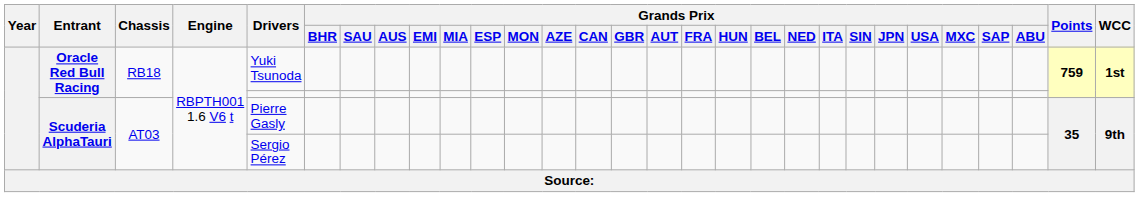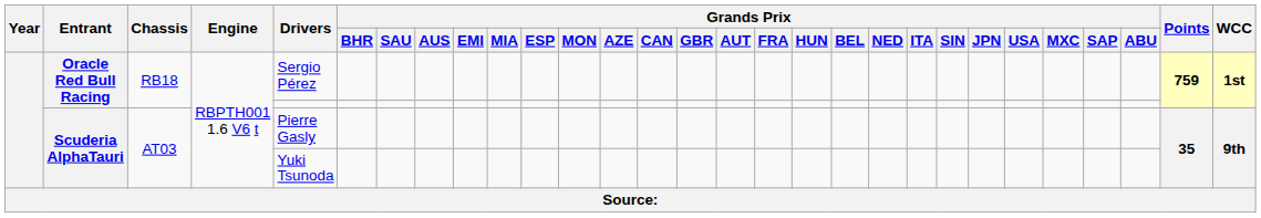 <table class="wikitable" style="text-align:center; font-size:85%">
 <tr>
 <th rowspan="2">Year</th>
 <th rowspan="2">Entrant</th>
 <th rowspan="2">Chassis</th>
 <th rowspan="2">Engine</th>
 <th rowspan="2">Drivers</th>
 <th colspan="22">Grands Prix</th>
 <th rowspan="2"><a href='#'>Points</a></th>
 <th rowspan="2">WCC</th>
 </tr>
 <tr>
 <th><a href='#'>BHR</a></th>
 <th><a href='#'>SAU</a></th>
 <th><a href='#'>AUS</a></th>
 <th><a href='#'>EMI</a></th>
 <th><a href='#'>MIA</a></th>
 <th><a href='#'>ESP</a></th>
 <th><a href='#'>MON</a></th>
 <th><a href='#'>AZE</a></th>
 <th><a href='#'>CAN</a></th>
 <th><a href='#'>GBR</a></th>
 <th><a href='#'>AUT</a></th>
 <th><a href='#'>FRA</a></th>
 <th><a href='#'>HUN</a></th>
 <th><a href='#'>BEL</a></th>
 <th><a href='#'>NED</a></th>
 <th><a href='#'>ITA</a></th>
 <th><a href='#'>SIN</a></th>
 <th><a href='#'>JPN</a></th>
 <th><a href='#'>USA</a></th>
 <th><a href='#'>MXC</a></th>
 <th><a href='#'>SAP</a></th>
 <th><a href='#'>ABU</a></th>
 </tr>
 <tr>
 <th rowspan="4"></th>
 <th rowspan="2"><a href='#'>Oracle Red Bull Racing</a></th>
 <td rowspan="2"><a href='#'>RB18</a></td>
 <td rowspan="4"><a href='#'>RBPTH001</a><br>1.6 <a href='#'>V6</a> <a href='#'>t</a></td>
-<td align="left"> <a href='#'>Yuki Tsunoda</a></td>
+<td align="left"> <a href='#'>Sergio Pérez</a></td>
 <td></td>
 <td></td>
 <td></td>
 <td></td>
 <td></td>
 <td></td>
 <td></td>
 <td></td>
 <td></td>
 <td></td>
 <td></td>
 <td></td>
 <td></td>
 <td></td>
 <td></td>
 <td></td>
 <td></td>
 <td></td>
 <td></td>
 <td></td>
 <td></td>
 <td></td>
 <th rowspan="2" style="background:#FFFFBF">759</th>
 <th rowspan="2" style="background:#FFFFBF">1st</th>
 </tr>
 <tr>
 <td align="left"></td>
 <td></td>
 <td></td>
 <td></td>
 <td></td>
 <td></td>
 <td></td>
 <td></td>
 <td></td>
 <td></td>
 <td></td>
 <td></td>
 <td></td>
 <td></td>
 <td></td>
 <td></td>
 <td></td>
 <td></td>
 <td></td>
 <td></td>
 <td></td>
 <td></td>
 <td></td>
 </tr>
 <tr>
 <th rowspan="2"><a href='#'>Scuderia AlphaTauri</a></th>
 <td rowspan="2"><a href='#'>AT03</a></td>
 <td align="left"> <a href='#'>Pierre Gasly</a></td>
 <td></td>
 <td></td>
 <td></td>
 <td></td>
 <td></td>
 <td></td>
 <td></td>
 <td></td>
 <td></td>
 <td></td>
 <td></td>
 <td></td>
 <td></td>
 <td></td>
 <td></td>
 <td></td>
 <td></td>
 <td></td>
 <td></td>
 <td></td>
 <td></td>
 <td></td>
 <th rowspan="2">35</th>
 <th rowspan="2">9th</th>
 </tr>
 <tr>
-<td align="left"> <a href='#'>Sergio Pérez</a></td>
+<td align="left"> <a href='#'>Yuki Tsunoda</a></td>
 <td></td>
 <td></td>
 <td></td>
 <td></td>
 <td></td>
 <td></td>
 <td></td>
 <td></td>
 <td></td>
 <td></td>
 <td></td>
 <td></td>
 <td></td>
 <td></td>
 <td></td>
 <td></td>
 <td></td>
 <td></td>
 <td></td>
 <td></td>
 <td></td>
 <td></td>
 </tr>
 <tr>
 <th colspan="29">Source:</th>
 </tr>
 </table>
